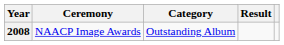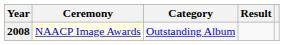 <table class="wikitable sortable plainrowheaders" style="border:none; margin:0;">
 <tr>
 <th scope="col">Year</th>
 <th scope="col">Ceremony</th>
 <th scope="col">Category</th>
 <th scope="col">Result</th>
 <th scope="col" class="unsortable"></th>
 </tr>
 <tr>
 <th scope="row" rowspan="1">2008</th>
-<td><a href='#'>NAACP Image Awards</a></td>
+<td style="background: lightyellow;"><a href='#'>NAACP Image Awards</a></td>
 <td><a href='#'>Outstanding Album</a></td>
 <td></td>
 <td style="text-align:center;"></td>
 </tr>
 <tr>
 </tr>
 </table>
